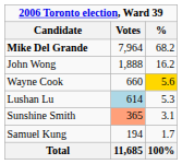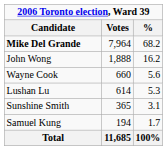 <table class="wikitable" style="margin-bottom:0;">
 <tr>
 <td colspan="3" align="center"><strong><a href='#'>2006 Toronto election</a>, Ward 39</strong></td>
 </tr>
 <tr>
 <th bgcolor="#DDDDFF" width="150px">Candidate</th>
 <th bgcolor="#DDDDFF">Votes</th>
 <th bgcolor="#DDDDFF">%</th>
 </tr>
 <tr>
 <td><strong>Mike Del Grande</strong></td>
 <td align=right>7,964</td>
 <td align=right>68.2</td>
 </tr>
 <tr>
 <td>John Wong</td>
 <td align=right>1,888</td>
 <td align=right>16.2</td>
 </tr>
 <tr>
 <td>Wayne Cook</td>
 <td align=right>660</td>
-<td align=right style="background: gold;">5.6</td>
+<td align=right>5.6</td>
 </tr>
 <tr>
 <td>Lushan Lu</td>
-<td align=right style="background: lightblue;">614</td>
+<td align=right>614</td>
 <td align=right>5.3</td>
 </tr>
 <tr>
 <td>Sunshine Smith</td>
-<td align=right style="background: lightsalmon;">365</td>
+<td align=right>365</td>
 <td align=right>3.1</td>
 </tr>
 <tr>
 <td>Samuel Kung</td>
 <td align=right>194</td>
 <td align=right>1.7</td>
 </tr>
 <tr>
 <th>Total</th>
 <th align=right>11,685</th>
 <th align=right>100%</th>
 </tr>
 </table>
